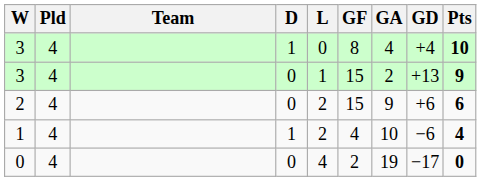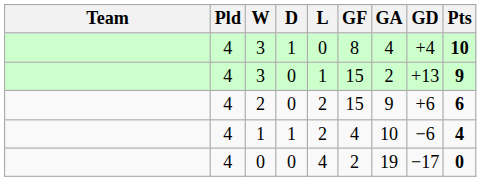 <table class="wikitable" style="text-align: center;">
 <tr>
+<th width=175>Team</th>
+<th width=20>Pld</th>
 <th width=20>W</th>
-<th width=20>Pld</th>
-<th width=175>Team</th>
 <th width=20>D</th>
 <th width=20>L</th>
 <th width=20>GF</th>
 <th width=20>GA</th>
 <th width=20>GD</th>
 <th width=20>Pts</th>
 </tr>
 <tr bgcolor=ccffcc>
+<td style="text-align:left;"></td>
+<td>4</td>
 <td>3</td>
-<td>4</td>
-<td style="text-align:left;"></td>
 <td>1</td>
 <td>0</td>
 <td>8</td>
 <td>4</td>
 <td>+4</td>
 <td><strong>10</strong></td>
 </tr>
 <tr bgcolor=ccffcc>
+<td style="text-align:left;"></td>
+<td>4</td>
 <td>3</td>
-<td>4</td>
-<td style="text-align:left;"></td>
 <td>0</td>
 <td>1</td>
 <td>15</td>
 <td>2</td>
 <td>+13</td>
 <td><strong>9</strong></td>
 </tr>
 <tr>
+<td style="text-align:left;"></td>
+<td>4</td>
 <td>2</td>
-<td>4</td>
-<td style="text-align:left;"></td>
 <td>0</td>
 <td>2</td>
 <td>15</td>
 <td>9</td>
 <td>+6</td>
 <td><strong>6</strong></td>
 </tr>
 <tr>
+<td style="text-align:left;"></td>
+<td>4</td>
 <td>1</td>
-<td>4</td>
-<td style="text-align:left;"></td>
 <td>1</td>
 <td>2</td>
 <td>4</td>
 <td>10</td>
 <td>−6</td>
 <td><strong>4</strong></td>
 </tr>
 <tr>
+<td style="text-align:left;"></td>
+<td>4</td>
 <td>0</td>
-<td>4</td>
-<td style="text-align:left;"></td>
 <td>0</td>
 <td>4</td>
 <td>2</td>
 <td>19</td>
 <td>−17</td>
 <td><strong>0</strong></td>
 </tr>
 </table>
